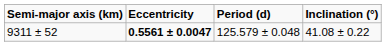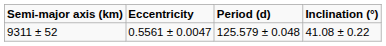 <table class="wikitable" style="font-size: 0.9em;">
 <tr style="font-weight:bold;">
 <td>Semi-major axis (km)</td>
 <td>Eccentricity</td>
 <td>Period (d)</td>
 <td>Inclination (°)</td>
 </tr>
 <tr>
 <td>9311 ± 52</td>
-<td><strong>0.5561 ± 0.0047</strong></td>
+<td>0.5561 ± 0.0047</td>
 <td>125.579 ± 0.048</td>
 <td>41.08 ± 0.22</td>
 </tr>
 </table>
